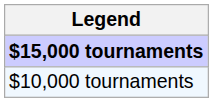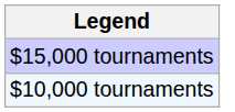 <table class="wikitable">
 <tr>
 <th>Legend</th>
 </tr>
 <tr style="background:#ccccff;">
-<td><strong>$15,000 tournaments</strong></td>
+<td>$15,000 tournaments</td>
 </tr>
 <tr style="background:#f0f8ff;">
 <td>$10,000 tournaments</td>
 </tr>
 </table>
